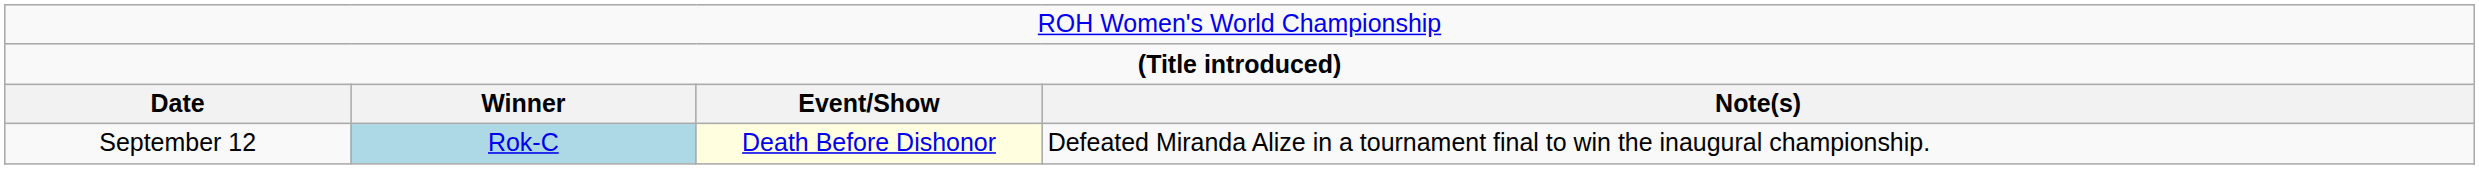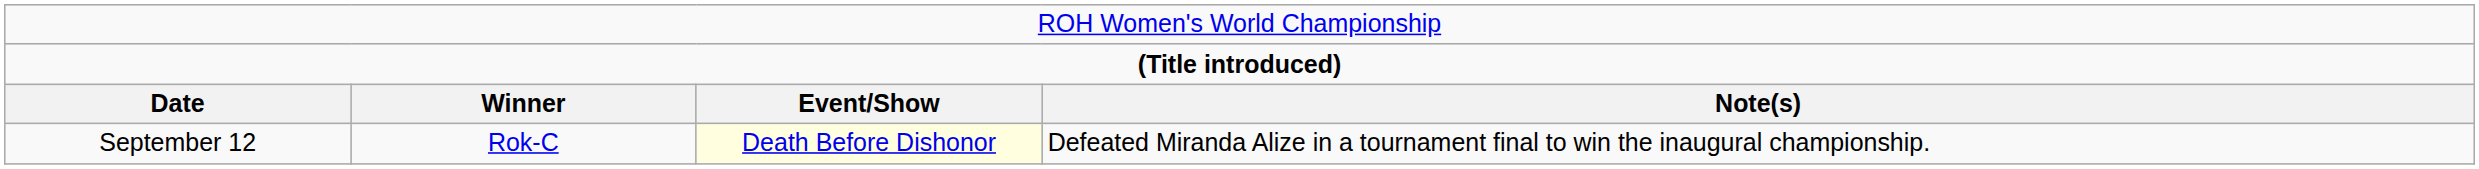 <table class="wikitable" style="text-align:center; width:100%;">
 <tr>
 <td colspan="4" style="text-align: center;"><a href='#'>ROH Women's World Championship</a></td>
 </tr>
 <tr>
 <td colspan="4" style="text-align: center;"><strong>(Title introduced)</strong></td>
 </tr>
 <tr>
 <th width=14%>Date</th>
 <th width=14%>Winner</th>
 <th width=14%>Event/Show</th>
 <th width=58%>Note(s)</th>
 </tr>
 <tr>
 <td>September 12</td>
-<td style="background: lightblue;"><a href='#'>Rok-C</a></td>
+<td><a href='#'>Rok-C</a></td>
 <td style="background: lightyellow;"><a href='#'>Death Before Dishonor</a></td>
 <td align=left>Defeated Miranda Alize in a tournament final to win the inaugural championship.</td>
 </tr>
 </table>
